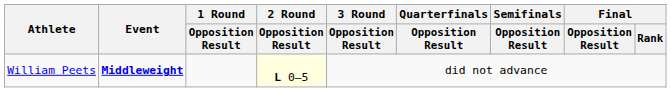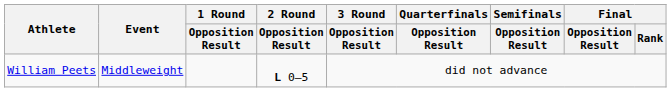 <table class="wikitable" style="font-size:90%">
 <tr>
 <th rowspan="2">Athlete</th>
 <th rowspan="2">Event</th>
 <th>1 Round</th>
 <th>2 Round</th>
 <th>3 Round</th>
 <th>Quarterfinals</th>
 <th>Semifinals</th>
 <th colspan=2>Final</th>
 </tr>
 <tr style="font-size:95%">
 <th>Opposition<br>Result</th>
 <th>Opposition<br>Result</th>
 <th>Opposition<br>Result</th>
 <th>Opposition<br>Result</th>
 <th>Opposition<br>Result</th>
 <th>Opposition<br>Result</th>
 <th>Rank</th>
 </tr>
 <tr align=center>
 <td align=left><a href='#'>William Peets</a></td>
-<td align=left><strong><a href='#'>Middleweight</a></strong></td>
+<td align=left><a href='#'>Middleweight</a></td>
 <td></td>
-<td style="background: lightyellow;"><br><strong>L</strong> 0–5</td>
+<td><br><strong>L</strong> 0–5</td>
 <td colspan=5>did not advance</td>
 </tr>
 </table>
